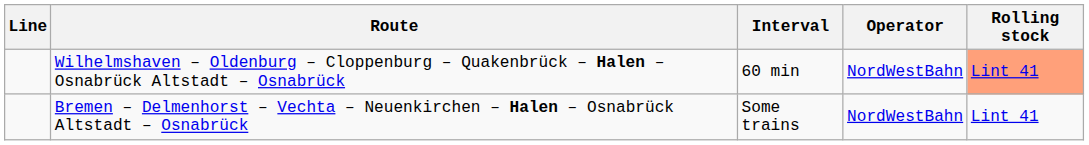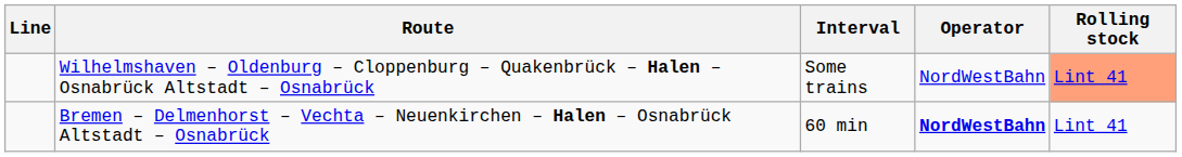 <table class="wikitable">
 <tr>
 <th>Line</th>
 <th>Route</th>
 <th>Interval</th>
 <th>Operator</th>
 <th>Rolling stock</th>
 </tr>
 <tr>
 <td></td>
 <td><a href='#'>Wilhelmshaven</a> –  <a href='#'>Oldenburg</a> – Cloppenburg – Quakenbrück – <strong>Halen</strong> – Osnabrück Altstadt – <a href='#'>Osnabrück</a></td>
-<td>60 min</td>
+<td>Some trains</td>
 <td><a href='#'>NordWestBahn</a></td>
 <td style="background: lightsalmon;"><a href='#'>Lint 41</a></td>
 </tr>
 <tr>
 <td></td>
 <td><a href='#'>Bremen</a> – <a href='#'>Delmenhorst</a> – <a href='#'>Vechta</a> – Neuenkirchen – <strong>Halen</strong> – Osnabrück Altstadt – <a href='#'>Osnabrück</a></td>
-<td>Some trains</td>
-<td><a href='#'>NordWestBahn</a></td>
+<td>60 min</td>
+<td><strong><a href='#'>NordWestBahn</a></strong></td>
 <td><a href='#'>Lint 41</a></td>
 </tr>
 </table>
